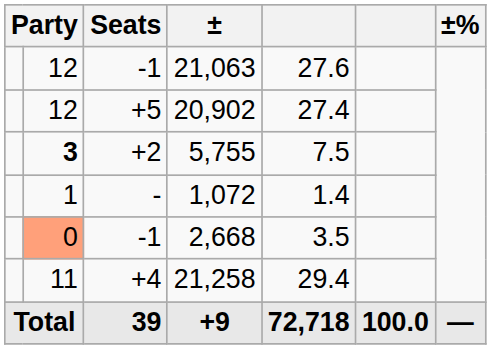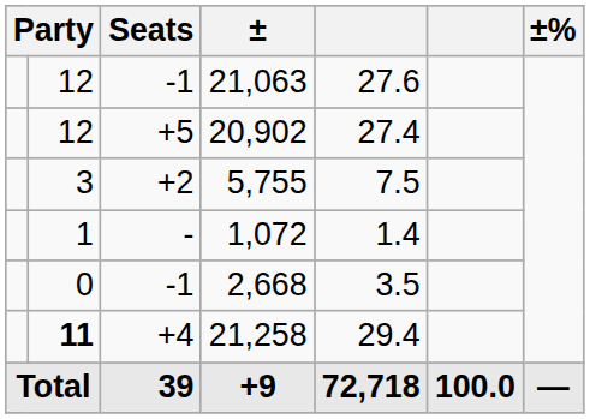 <table class=wikitable>
 <tr>
 <th colspan=2 align=center>Party</th>
 <th>Seats</th>
 <th>±</th>
 <th></th>
 <th></th>
 <th>±%</th>
 </tr>
 <tr>
 <td></td>
 <td align=right>12</td>
 <td align=right>-1</td>
 <td align=right>21,063</td>
 <td align=right>27.6</td>
 <td align=right></td>
 </tr>
 <tr>
 <td></td>
 <td align=right>12</td>
 <td align=right>+5</td>
 <td align=right>20,902</td>
 <td align=right>27.4</td>
 <td align=right></td>
 </tr>
 <tr>
 <td></td>
-<td align=right><strong>3</strong></td>
+<td align=right>3</td>
 <td align=right>+2</td>
 <td align=right>5,755</td>
 <td align=right>7.5</td>
 <td align=right></td>
 </tr>
 <tr>
 <td></td>
 <td align=right>1</td>
 <td align=right>-</td>
 <td align=right>1,072</td>
 <td align=right>1.4</td>
 <td align=right></td>
 </tr>
 <tr>
 <td></td>
-<td align=right style="background: lightsalmon;">0</td>
+<td align=right>0</td>
 <td align=right>-1</td>
 <td align=right>2,668</td>
 <td align=right>3.5</td>
 <td align=right></td>
 </tr>
 <tr>
 <td></td>
-<td align=right>11</td>
+<td align=right><strong>11</strong></td>
 <td align=right>+4</td>
 <td align=right>21,258</td>
 <td align=right>29.4</td>
 <td align=right></td>
 </tr>
 <tr style="font-weight:bold; background:rgb(232,232,232);">
 <td colspan=2 align=center>Total</td>
 <td align=right>39</td>
 <td align=center>+9</td>
 <td align=right>72,718</td>
 <td align=center>100.0</td>
 <td align=center>—</td>
 </tr>
 </table>
